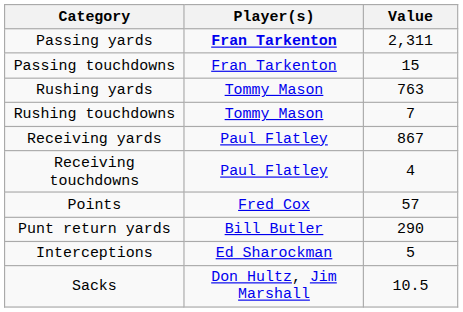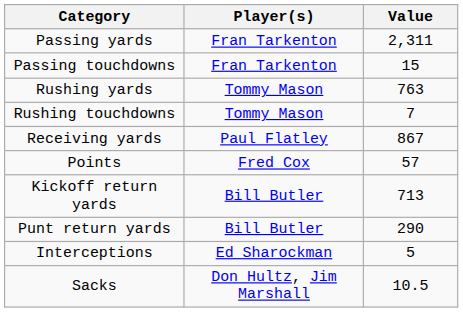 <table class="wikitable" style="text-align:center">
 <tr>
 <th width=150px>Category</th>
 <th width=150px>Player(s)</th>
 <th width=75px>Value</th>
 </tr>
 <tr>
 <td>Passing yards</td>
-<td><strong><a href='#'>Fran Tarkenton</a></strong></td>
+<td><a href='#'>Fran Tarkenton</a></td>
 <td>2,311</td>
 </tr>
 <tr>
 <td>Passing touchdowns</td>
 <td><a href='#'>Fran Tarkenton</a></td>
 <td>15</td>
 </tr>
 <tr>
 <td>Rushing yards</td>
 <td><a href='#'>Tommy Mason</a></td>
 <td>763</td>
 </tr>
 <tr>
 <td>Rushing touchdowns</td>
 <td><a href='#'>Tommy Mason</a></td>
 <td>7</td>
 </tr>
 <tr>
 <td>Receiving yards</td>
 <td><a href='#'>Paul Flatley</a></td>
 <td>867</td>
 </tr>
 <tr>
-<td>Receiving touchdowns</td>
-<td><a href='#'>Paul Flatley</a></td>
-<td>4</td>
-</tr>
-<tr>
 <td>Points</td>
 <td><a href='#'>Fred Cox</a></td>
 <td>57</td>
+</tr>
+<tr>
+<td>Kickoff return yards</td>
+<td><a href='#'>Bill Butler</a></td>
+<td>713</td>
 </tr>
 <tr>
 <td>Punt return yards</td>
 <td><a href='#'>Bill Butler</a></td>
 <td>290</td>
 </tr>
 <tr>
 <td>Interceptions</td>
 <td><a href='#'>Ed Sharockman</a></td>
 <td>5</td>
 </tr>
 <tr>
 <td>Sacks</td>
 <td><a href='#'>Don Hultz</a>, <a href='#'>Jim Marshall</a></td>
 <td>10.5</td>
 </tr>
 </table>
